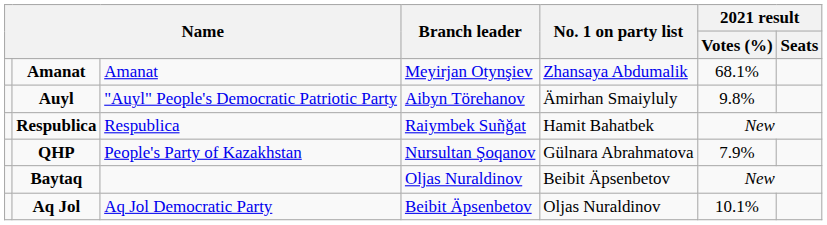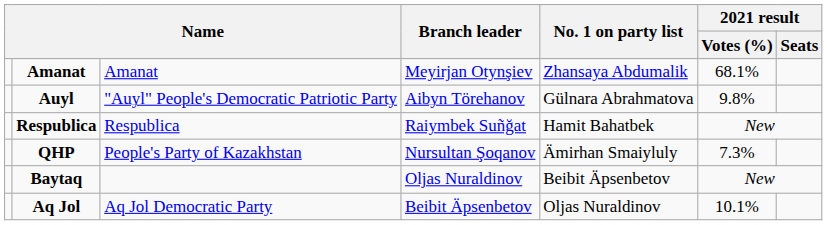 <table class="wikitable sortable">
 <tr>
 <th colspan="3" rowspan="2">Name</th>
 <th rowspan="2">Branch leader</th>
 <th rowspan="2">No. 1 on party list</th>
 <th colspan="2">2021 result</th>
 </tr>
 <tr>
 <th>Votes (%)</th>
 <th>Seats</th>
 </tr>
 <tr>
 <td style="background:"></td>
 <td style="text-align:center;"><strong>Amanat</strong></td>
 <td><a href='#'>Amanat</a></td>
 <td><a href='#'>Meyirjan Otynşiev</a></td>
 <td><a href='#'>Zhansaya Abdumalik</a></td>
 <td style="text-align:center;">68.1%</td>
 <td></td>
 </tr>
 <tr>
 <td style="background:"></td>
 <td style="text-align:center;"><strong>Auyl</strong></td>
 <td><a href='#'>"Auyl" People's Democratic Patriotic Party</a><br></td>
 <td><a href='#'>Aibyn Törehanov</a></td>
-<td>Ämirhan Smaiyluly</td>
+<td>Gülnara Abrahmatova</td>
 <td style="text-align:center;">9.8%</td>
 <td></td>
 </tr>
 <tr>
 <td style="background:"></td>
 <td style="text-align:center;"><strong>Respublica</strong></td>
 <td><a href='#'>Respublica</a></td>
 <td><a href='#'>Raiymbek Suñğat</a></td>
 <td>Hamit Bahatbek</td>
 <td colspan="2" style="text-align:center;"><em>New</em></td>
 </tr>
 <tr>
 <td style="background:"></td>
 <td style="text-align:center;"><strong>QHP</strong></td>
 <td><a href='#'>People's Party of Kazakhstan</a><br></td>
 <td><a href='#'>Nursultan Şoqanov</a></td>
-<td>Gülnara Abrahmatova</td>
-<td style="text-align:center;">7.9%</td>
+<td>Ämirhan Smaiyluly</td>
+<td style="text-align:center;">7.3%</td>
 <td></td>
 </tr>
 <tr>
 <td style="background:"></td>
 <td style="text-align:center;"><strong>Baytaq</strong></td>
 <td><br></td>
 <td><a href='#'>Oljas Nuraldinov</a></td>
 <td>Beibit Äpsenbetov</td>
 <td colspan="2" style="text-align:center;"><em>New</em></td>
 </tr>
 <tr>
 <td style="background:"></td>
 <td style="text-align:center;"><strong>Aq Jol</strong></td>
 <td><a href='#'>Aq Jol Democratic Party</a><br></td>
 <td><a href='#'>Beibit Äpsenbetov</a></td>
 <td>Oljas Nuraldinov</td>
 <td style="text-align:center;">10.1%</td>
 <td></td>
 </tr>
 </table>
